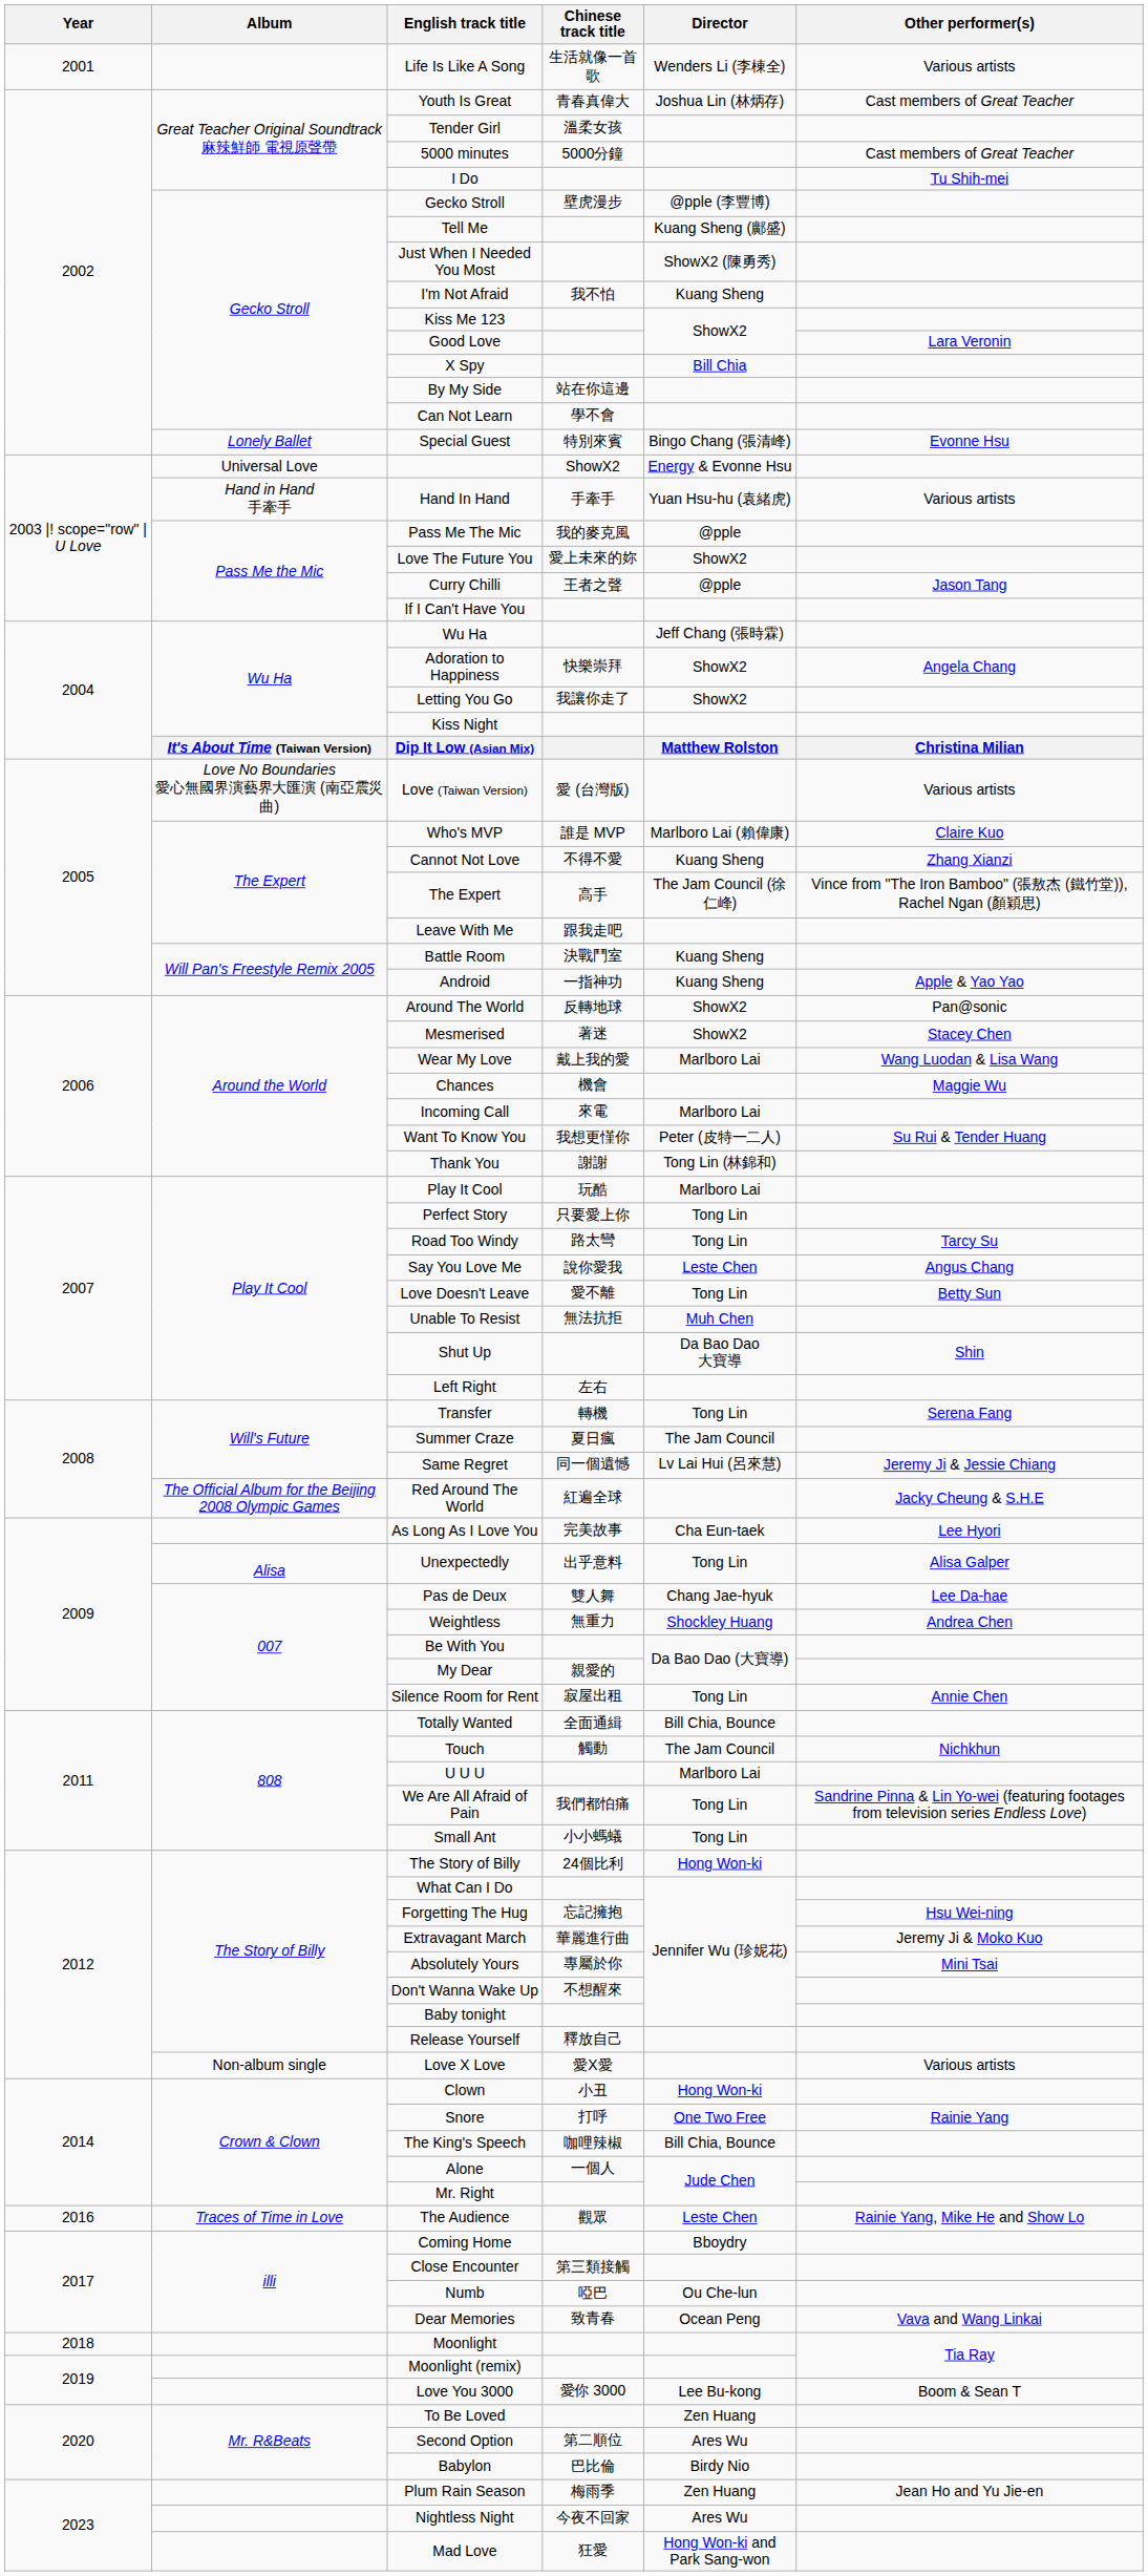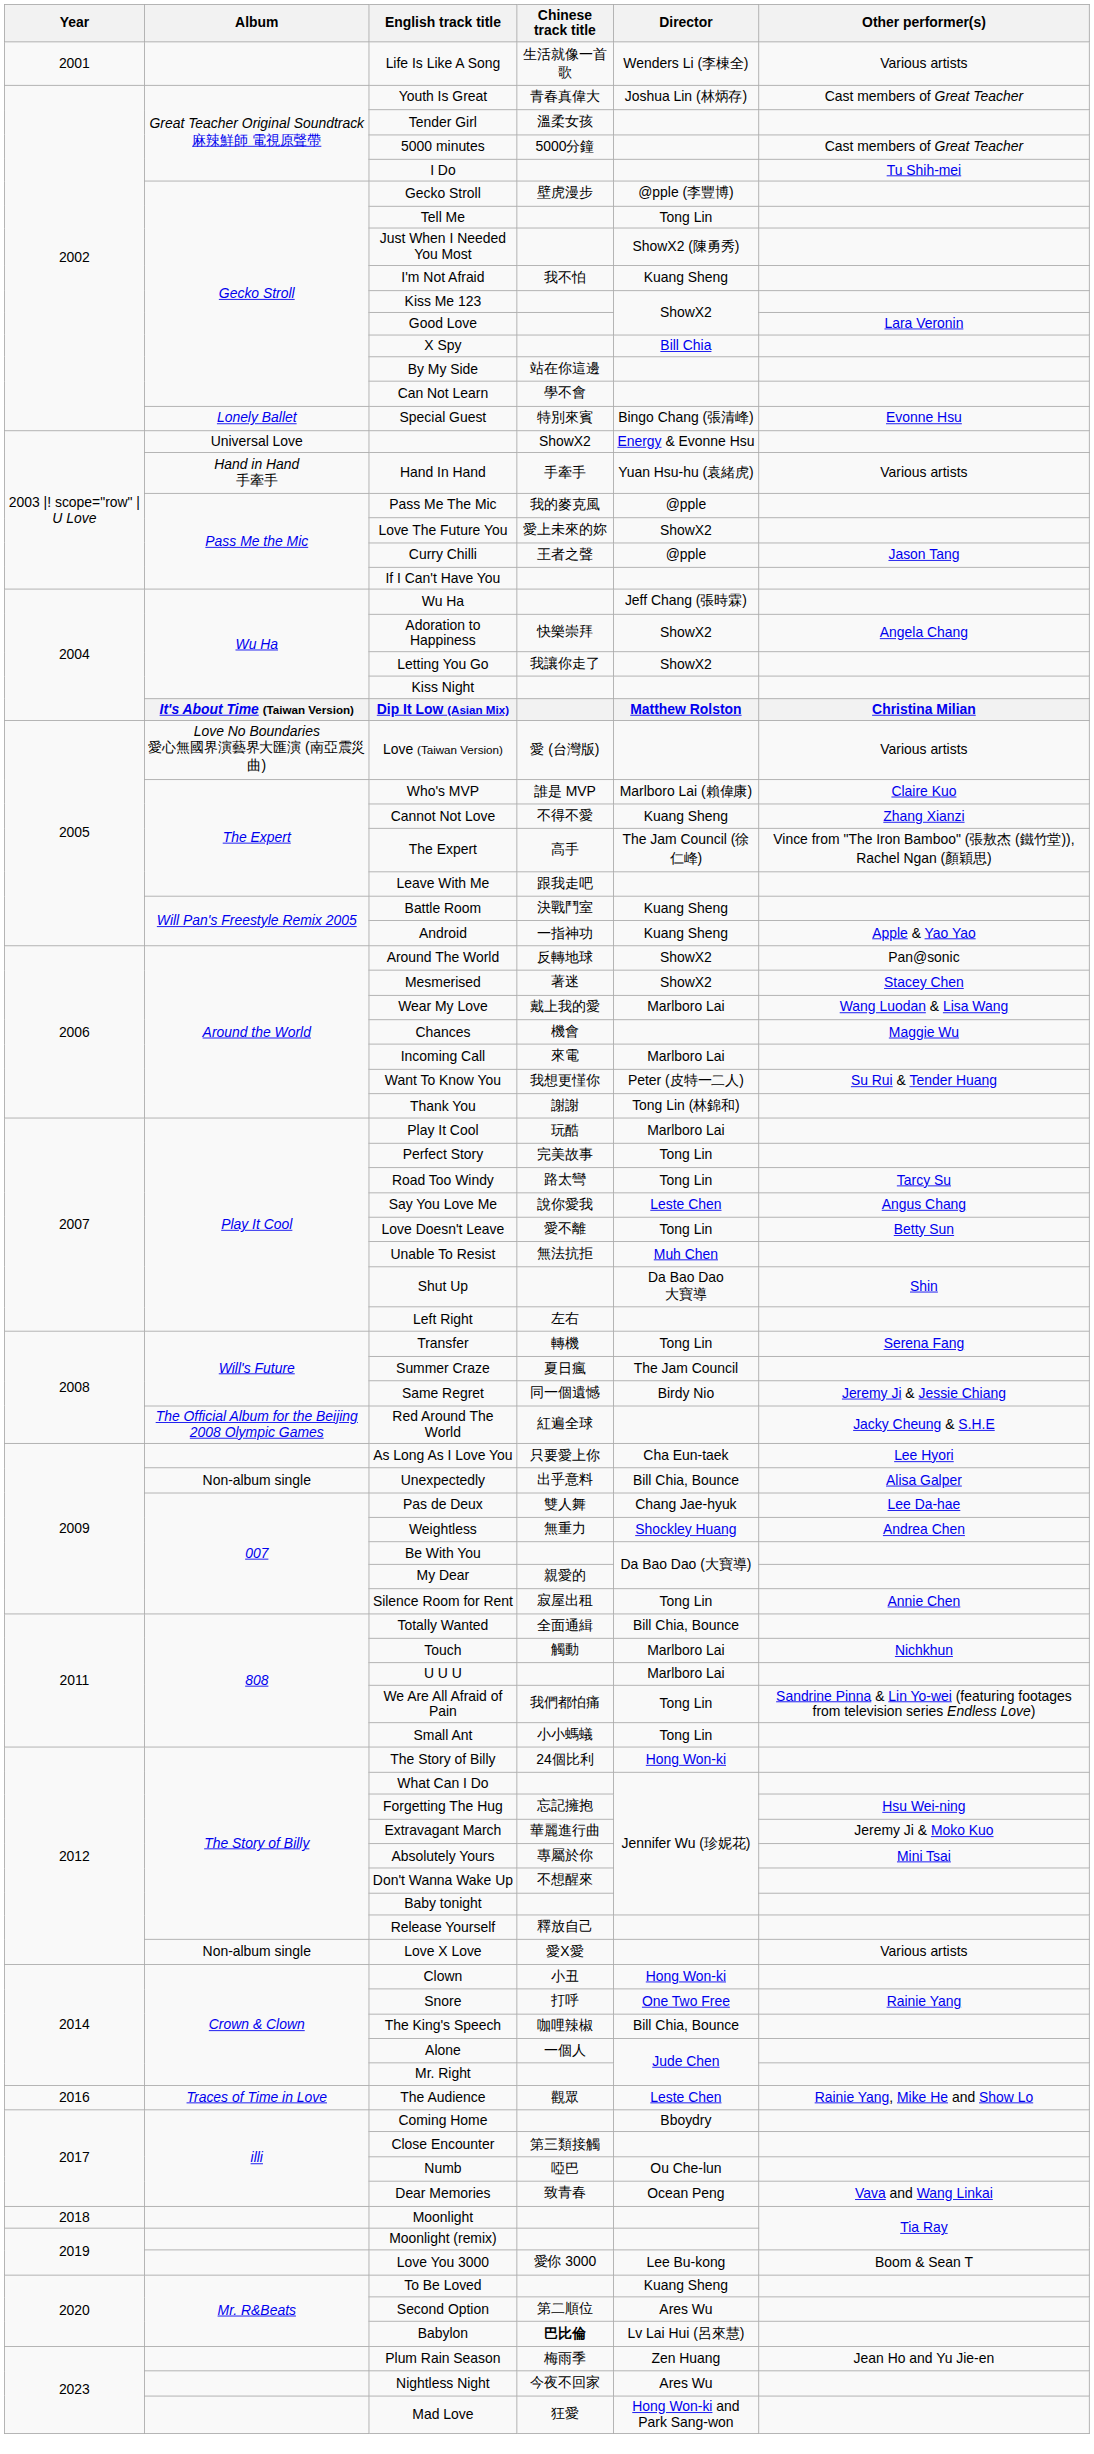 <table class="wikitable sortable">
 <tr>
 <th>Year</th>
 <th>Album</th>
 <th>English track title</th>
 <th>Chinese track title</th>
 <th>Director</th>
 <th>Other performer(s)</th>
 </tr>
 <tr align="center">
 <td>2001</td>
 <td></td>
 <td>Life Is Like A Song</td>
 <td>生活就像一首歌</td>
 <td>Wenders Li (李棟全)</td>
 <td>Various artists</td>
 </tr>
 <tr align="center">
 <td rowspan=14>2002</td>
 <td rowspan=4><em>Great Teacher Original Soundtrack</em><br><a href='#'>麻辣鮮師 電視原聲帶</a></td>
 <td>Youth Is Great</td>
 <td>青春真偉大</td>
 <td>Joshua Lin (林炳存)</td>
 <td>Cast members of <em>Great Teacher</em></td>
 </tr>
 <tr align="center">
 <td>Tender Girl</td>
 <td>溫柔女孩</td>
 <td></td>
 <td></td>
 </tr>
 <tr align="center">
 <td>5000 minutes</td>
 <td>5000分鐘</td>
 <td></td>
 <td>Cast members of <em>Great Teacher</em></td>
 </tr>
 <tr align="center">
 <td>I Do</td>
 <td></td>
 <td></td>
 <td><a href='#'>Tu Shih-mei</a></td>
 </tr>
 <tr align="center">
 <td rowspan=9><em><a href='#'>Gecko Stroll</a></em></td>
 <td>Gecko Stroll</td>
 <td>壁虎漫步</td>
 <td>@pple (李豐博)</td>
 <td></td>
 </tr>
 <tr align="center">
 <td>Tell Me</td>
 <td></td>
-<td>Kuang Sheng (鄺盛)</td>
+<td>Tong Lin</td>
 <td></td>
 </tr>
 <tr align="center">
 <td>Just When I Needed You Most</td>
 <td></td>
 <td>ShowX2 (陳勇秀)</td>
 <td></td>
 </tr>
 <tr align="center">
 <td>I'm Not Afraid</td>
 <td>我不怕</td>
 <td>Kuang Sheng</td>
 <td></td>
 </tr>
 <tr align="center">
 <td>Kiss Me 123</td>
 <td></td>
 <td rowspan=2>ShowX2</td>
 <td></td>
 </tr>
 <tr align="center">
 <td>Good Love</td>
 <td></td>
 <td><a href='#'>Lara Veronin</a></td>
 </tr>
 <tr align="center">
 <td>X Spy</td>
 <td></td>
 <td><a href='#'>Bill Chia</a></td>
 <td></td>
 </tr>
 <tr align="center">
 <td>By My Side</td>
 <td>站在你這邊</td>
 <td></td>
 <td></td>
 </tr>
 <tr align="center">
 <td>Can Not Learn</td>
 <td>學不會</td>
 <td></td>
 <td></td>
 </tr>
 <tr align="center">
 <td><em><a href='#'>Lonely Ballet</a></em></td>
 <td>Special Guest</td>
 <td>特別來賓</td>
 <td>Bingo Chang (張清峰)</td>
 <td><a href='#'>Evonne Hsu</a></td>
 </tr>
 <tr align="center">
 <td rowspan=6>2003 |! scope="row" | <em>U Love</em></td>
 <td>Universal Love</td>
 <td></td>
 <td>ShowX2</td>
 <td><a href='#'>Energy</a> & Evonne Hsu</td>
 </tr>
 <tr align="center">
 <td><em>Hand in Hand</em><br>手牽手</td>
 <td>Hand In Hand</td>
 <td>手牽手</td>
 <td>Yuan Hsu-hu (袁緒虎)</td>
 <td>Various artists</td>
 </tr>
 <tr align="center">
 <td rowspan=4><em><a href='#'>Pass Me the Mic</a></em></td>
 <td>Pass Me The Mic</td>
 <td>我的麥克風</td>
 <td>@pple</td>
 <td></td>
 </tr>
 <tr align="center">
 <td>Love The Future You</td>
 <td>愛上未來的妳</td>
 <td>ShowX2</td>
 <td></td>
 </tr>
 <tr align="center">
 <td>Curry Chilli</td>
 <td>王者之聲</td>
 <td>@pple</td>
 <td><a href='#'>Jason Tang</a></td>
 </tr>
 <tr align="center">
 <td>If I Can't Have You</td>
 <td></td>
 <td></td>
 <td></td>
 </tr>
 <tr align="center">
 <td rowspan=5>2004</td>
 <td rowspan=4><em><a href='#'>Wu Ha</a></em></td>
 <td>Wu Ha</td>
 <td></td>
 <td>Jeff Chang (張時霖)</td>
 <td></td>
 </tr>
 <tr align="center">
 <td>Adoration to Happiness</td>
 <td>快樂崇拜</td>
 <td>ShowX2</td>
 <td><a href='#'>Angela Chang</a></td>
 </tr>
 <tr align="center">
 <td>Letting You Go</td>
 <td>我讓你走了</td>
 <td>ShowX2</td>
 <td></td>
 </tr>
 <tr align="center">
 <td>Kiss Night</td>
 <td></td>
 <td></td>
 <td></td>
 </tr>
 <tr align="center">
 <th scope="row"><em><a href='#'>It's About Time</a></em> <small>(Taiwan Version)</small></th>
 <th><a href='#'>Dip It Low <small>(Asian Mix)</small></a></th>
 <th></th>
 <th><a href='#'>Matthew Rolston</a></th>
 <th align="center"><a href='#'>Christina Milian</a></th>
 </tr>
 <tr align="center">
 <td rowspan=7>2005</td>
 <td><em>Love No Boundaries</em><br>愛心無國界演藝界大匯演 (南亞震災曲)</td>
 <td>Love <small>(Taiwan Version)</small></td>
 <td>愛 (台灣版)</td>
 <td></td>
 <td>Various artists</td>
 </tr>
 <tr align="center">
 <td rowspan=4><em><a href='#'>The Expert</a></em></td>
 <td>Who's MVP</td>
 <td>誰是 MVP</td>
 <td>Marlboro Lai (賴偉康)</td>
 <td><a href='#'>Claire Kuo</a></td>
 </tr>
 <tr align="center">
 <td>Cannot Not Love</td>
 <td>不得不愛</td>
 <td>Kuang Sheng</td>
 <td><a href='#'>Zhang Xianzi</a></td>
 </tr>
 <tr align="center">
 <td>The Expert</td>
 <td>高手</td>
 <td>The Jam Council (徐仁峰)</td>
 <td>Vince from "The Iron Bamboo" (張敖杰 (鐵竹堂)), Rachel Ngan (顏穎思)</td>
 </tr>
 <tr align="center">
 <td>Leave With Me</td>
 <td>跟我走吧</td>
 <td></td>
 <td></td>
 </tr>
 <tr align="center">
 <td rowspan=2><em><a href='#'>Will Pan's Freestyle Remix 2005</a></em></td>
 <td>Battle Room</td>
 <td>決戰鬥室</td>
 <td>Kuang Sheng</td>
 <td></td>
 </tr>
 <tr align="center">
 <td>Android</td>
 <td>一指神功</td>
 <td>Kuang Sheng</td>
 <td><a href='#'>Apple</a> & <a href='#'>Yao Yao</a></td>
 </tr>
 <tr align="center">
 <td rowspan=7>2006</td>
 <td rowspan=7><em><a href='#'>Around the World</a></em></td>
 <td>Around The World</td>
 <td>反轉地球</td>
 <td>ShowX2</td>
 <td>Pan@sonic</td>
 </tr>
 <tr align="center">
 <td>Mesmerised</td>
 <td align="center">著迷</td>
 <td align="center">ShowX2</td>
 <td><a href='#'>Stacey Chen</a></td>
 </tr>
 <tr align="center">
 <td>Wear My Love</td>
 <td>戴上我的愛</td>
 <td>Marlboro Lai</td>
 <td><a href='#'>Wang Luodan</a> & <a href='#'>Lisa Wang</a></td>
 </tr>
 <tr align="center">
 <td>Chances</td>
 <td>機會</td>
 <td></td>
 <td><a href='#'>Maggie Wu</a></td>
 </tr>
 <tr align="center">
 <td>Incoming Call</td>
 <td>來電</td>
 <td>Marlboro Lai</td>
 <td></td>
 </tr>
 <tr align="center">
 <td>Want To Know You</td>
 <td>我想更慬你</td>
 <td>Peter (皮特一二人)</td>
 <td><a href='#'>Su Rui</a> & <a href='#'>Tender Huang</a></td>
 </tr>
 <tr align="center">
 <td>Thank You</td>
 <td>謝謝</td>
 <td>Tong Lin (林錦和)</td>
 <td></td>
 </tr>
 <tr align="center">
 <td rowspan=8>2007</td>
 <td rowspan=8><em><a href='#'>Play It Cool</a></em></td>
 <td>Play It Cool</td>
 <td>玩酷</td>
 <td>Marlboro Lai</td>
 <td></td>
 </tr>
 <tr align="center">
 <td>Perfect Story</td>
-<td>只要愛上你</td>
+<td>完美故事</td>
 <td>Tong Lin</td>
 <td></td>
 </tr>
 <tr align="center">
 <td>Road Too Windy</td>
 <td>路太彎</td>
 <td>Tong Lin</td>
 <td><a href='#'>Tarcy Su</a></td>
 </tr>
 <tr align="center">
 <td>Say You Love Me</td>
 <td>說你愛我</td>
 <td><a href='#'>Leste Chen</a></td>
 <td><a href='#'>Angus Chang</a></td>
 </tr>
 <tr align="center">
 <td>Love Doesn't Leave</td>
 <td>愛不離</td>
 <td>Tong Lin</td>
 <td><a href='#'>Betty Sun</a></td>
 </tr>
 <tr align="center">
 <td>Unable To Resist</td>
 <td>無法抗拒</td>
 <td><a href='#'>Muh Chen</a></td>
 <td></td>
 </tr>
 <tr align="center">
 <td>Shut Up</td>
 <td></td>
 <td>Da Bao Dao<br>大寶導</td>
 <td><a href='#'>Shin</a></td>
 </tr>
 <tr align="center">
 <td>Left Right</td>
 <td>左右</td>
 <td></td>
 <td></td>
 </tr>
 <tr align="center">
 <td rowspan=4>2008</td>
 <td rowspan=3><em><a href='#'>Will's Future</a></em></td>
 <td>Transfer</td>
 <td>轉機</td>
 <td>Tong Lin</td>
 <td><a href='#'>Serena Fang</a></td>
 </tr>
 <tr align="center">
 <td>Summer Craze</td>
 <td>夏日瘋</td>
 <td>The Jam Council</td>
 <td></td>
 </tr>
 <tr align="center">
 <td>Same Regret</td>
 <td>同一個遺憾</td>
-<td>Lv Lai Hui (呂來慧)</td>
+<td>Birdy Nio</td>
 <td><a href='#'>Jeremy Ji</a> & <a href='#'>Jessie Chiang</a></td>
 </tr>
 <tr align="center">
 <td scope="row"><em><a href='#'>The Official Album for the Beijing 2008 Olympic Games</a></em></td>
 <td>Red Around The World</td>
 <td>紅遍全球</td>
 <td></td>
 <td><a href='#'>Jacky Cheung</a> & <a href='#'>S.H.E</a></td>
 </tr>
 <tr align="center">
 <td rowspan=7>2009</td>
 <td></td>
 <td>As Long As I Love You</td>
-<td>完美故事</td>
+<td>只要愛上你</td>
 <td>Cha Eun-taek</td>
 <td><a href='#'>Lee Hyori</a></td>
 </tr>
 <tr align="center">
-<td><br><em><a href='#'>Alisa</a></em></td>
+<td>Non-album single</td>
 <td>Unexpectedly</td>
 <td>出乎意料</td>
-<td>Tong Lin</td>
+<td>Bill Chia, Bounce</td>
 <td><a href='#'>Alisa Galper</a></td>
 </tr>
 <tr align="center">
 <td rowspan=5><em><a href='#'>007</a></em></td>
 <td>Pas de Deux</td>
 <td>雙人舞</td>
 <td>Chang Jae-hyuk</td>
 <td><a href='#'>Lee Da-hae</a></td>
 </tr>
 <tr align="center">
 <td>Weightless</td>
 <td>無重力</td>
 <td><a href='#'>Shockley Huang</a></td>
 <td><a href='#'>Andrea Chen</a></td>
 </tr>
 <tr align="center">
 <td>Be With You</td>
 <td></td>
 <td rowspan=2>Da Bao Dao (大寶導)</td>
 <td></td>
 </tr>
 <tr align="center">
 <td>My Dear</td>
 <td>親愛的</td>
 <td></td>
 </tr>
 <tr align="center">
 <td>Silence Room for Rent</td>
 <td>寂屋出租</td>
 <td>Tong Lin</td>
 <td><a href='#'>Annie Chen</a></td>
 </tr>
 <tr align="center">
 <td rowspan=5>2011</td>
 <td rowspan=5><em><a href='#'>808</a></em></td>
 <td>Totally Wanted</td>
 <td>全面通緝</td>
 <td>Bill Chia, Bounce</td>
 <td></td>
 </tr>
 <tr align="center">
 <td>Touch</td>
 <td>觸動</td>
-<td>The Jam Council</td>
+<td>Marlboro Lai</td>
 <td><a href='#'>Nichkhun</a></td>
 </tr>
 <tr align="center">
 <td>U U U</td>
 <td></td>
 <td>Marlboro Lai</td>
 <td></td>
 </tr>
 <tr align="center">
 <td>We Are All Afraid of Pain</td>
 <td>我們都怕痛</td>
 <td>Tong Lin</td>
 <td><a href='#'>Sandrine Pinna</a> & <a href='#'>Lin Yo-wei</a> (featuring footages from television series <em>Endless Love</em>)</td>
 </tr>
 <tr align="center">
 <td>Small Ant</td>
 <td>小小螞蟻</td>
 <td align="center">Tong Lin</td>
 <td></td>
 </tr>
 <tr align="center">
 <td rowspan=9>2012</td>
 <td rowspan=8><em><a href='#'>The Story of Billy</a></em></td>
 <td>The Story of Billy</td>
 <td>24個比利</td>
 <td><a href='#'>Hong Won-ki</a></td>
 <td></td>
 </tr>
 <tr align="center">
 <td>What Can I Do</td>
 <td></td>
 <td rowspan=6>Jennifer Wu (珍妮花)</td>
 <td></td>
 </tr>
 <tr align="center">
 <td>Forgetting The Hug</td>
 <td>忘記擁抱</td>
 <td><a href='#'>Hsu Wei-ning</a></td>
 </tr>
 <tr align="center">
 <td>Extravagant March</td>
 <td>華麗進行曲</td>
 <td>Jeremy Ji & <a href='#'>Moko Kuo</a></td>
 </tr>
 <tr align="center">
 <td>Absolutely Yours</td>
 <td>專屬於你</td>
 <td><a href='#'>Mini Tsai</a></td>
 </tr>
 <tr align="center">
 <td>Don't Wanna Wake Up</td>
 <td>不想醒來</td>
 <td></td>
 </tr>
 <tr align="center">
 <td>Baby tonight</td>
 <td></td>
 <td></td>
 </tr>
 <tr align="center">
 <td>Release Yourself</td>
 <td>釋放自己</td>
 <td></td>
 <td></td>
 </tr>
 <tr align="center">
 <td>Non-album single</td>
 <td>Love X Love</td>
 <td>愛X愛</td>
 <td></td>
 <td>Various artists</td>
 </tr>
 <tr align="center">
 <td rowspan=5>2014</td>
 <td rowspan=5><em><a href='#'>Crown & Clown</a></em></td>
 <td>Clown</td>
 <td>小丑</td>
 <td><a href='#'>Hong Won-ki</a></td>
 <td></td>
 </tr>
 <tr align="center">
 <td>Snore</td>
 <td>打呼</td>
 <td><a href='#'>One Two Free</a></td>
 <td><a href='#'>Rainie Yang</a></td>
 </tr>
 <tr align="center">
 <td>The King's Speech</td>
 <td>咖哩辣椒</td>
 <td>Bill Chia, Bounce</td>
 <td></td>
 </tr>
 <tr align="center">
 <td>Alone</td>
 <td>一個人</td>
 <td rowspan=2><a href='#'>Jude Chen</a></td>
 <td></td>
 </tr>
 <tr align="center">
 <td>Mr. Right</td>
 <td></td>
 <td></td>
 </tr>
 <tr align="center">
 <td>2016</td>
 <td rowspan=1><em><a href='#'>Traces of Time in Love</a></em></td>
 <td>The Audience</td>
 <td>觀眾</td>
 <td><a href='#'>Leste Chen</a></td>
 <td><a href='#'>Rainie Yang</a>, <a href='#'>Mike He</a> and <a href='#'>Show Lo</a></td>
 </tr>
 <tr align="center">
 <td rowspan=4>2017</td>
 <td rowspan=4><em><a href='#'>illi</a></em></td>
 <td>Coming Home</td>
 <td></td>
 <td>Bboydry</td>
 <td></td>
 </tr>
 <tr align="center">
 <td>Close Encounter</td>
 <td>第三類接觸</td>
 <td></td>
 <td></td>
 </tr>
 <tr align="center">
 <td>Numb</td>
 <td>啞巴</td>
 <td>Ou Che-lun</td>
 <td></td>
 </tr>
 <tr align="center">
 <td>Dear Memories</td>
 <td>致青春</td>
 <td>Ocean Peng</td>
 <td><a href='#'>Vava</a> and <a href='#'>Wang Linkai</a></td>
 </tr>
 <tr align="center">
 <td rowspan=1>2018</td>
 <td></td>
 <td>Moonlight</td>
 <td></td>
 <td></td>
 <td rowspan=2><a href='#'>Tia Ray</a></td>
 </tr>
 <tr align="center">
 <td rowspan=2>2019</td>
 <td></td>
 <td>Moonlight (remix)</td>
 <td></td>
 <td></td>
 </tr>
 <tr align="center">
 <td></td>
 <td>Love You 3000</td>
 <td>愛你 3000</td>
 <td>Lee Bu-kong</td>
 <td>Boom & Sean T</td>
 </tr>
 <tr align="center">
 <td rowspan=3>2020</td>
 <td rowspan=3><em><a href='#'>Mr. R&Beats</a></em></td>
 <td>To Be Loved</td>
 <td></td>
-<td>Zen Huang</td>
+<td>Kuang Sheng</td>
 <td></td>
 </tr>
 <tr align="center">
 <td>Second Option</td>
 <td>第二順位</td>
 <td>Ares Wu</td>
 <td></td>
 </tr>
 <tr align="center">
 <td>Babylon</td>
-<td>巴比倫</td>
-<td>Birdy Nio</td>
+<td><strong>巴比倫</strong></td>
+<td>Lv Lai Hui (呂來慧)</td>
 <td></td>
 </tr>
 <tr align="center">
 <td rowspan=3>2023</td>
 <td></td>
 <td>Plum Rain Season</td>
 <td>梅雨季</td>
 <td>Zen Huang</td>
 <td>Jean Ho and Yu Jie-en</td>
 </tr>
 <tr align="center">
 <td></td>
 <td>Nightless Night</td>
 <td>今夜不回家</td>
 <td>Ares Wu</td>
 <td></td>
 </tr>
 <tr align="center">
 <td></td>
 <td>Mad Love</td>
 <td>狂愛</td>
 <td><a href='#'>Hong Won-ki</a> and Park Sang-won</td>
 <td></td>
 </tr>
 </table>
